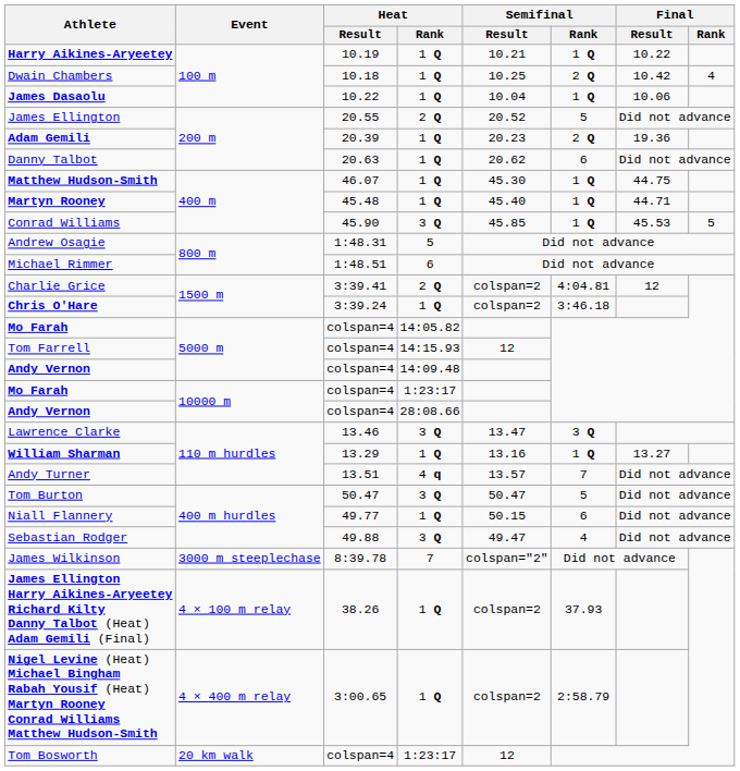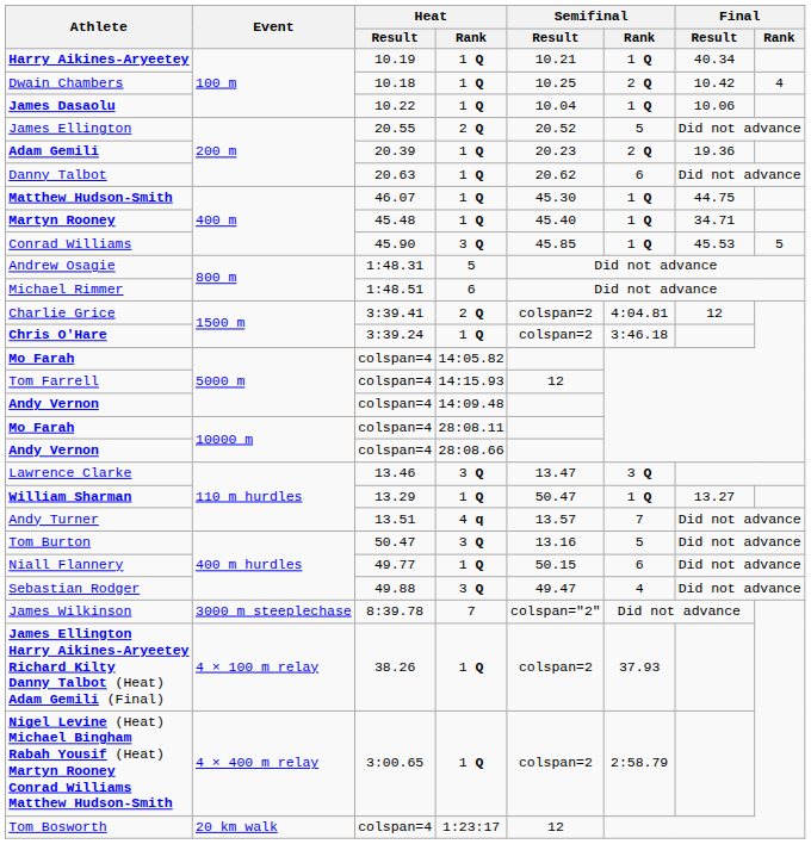 <table class="wikitable" style="font-size:90%">
 <tr>
 <th rowspan=2>Athlete</th>
 <th rowspan=2>Event</th>
 <th colspan=2>Heat</th>
 <th colspan=2>Semifinal</th>
 <th colspan=2>Final</th>
 </tr>
 <tr style="font-size:95%">
 <th>Result</th>
 <th>Rank</th>
 <th>Result</th>
 <th>Rank</th>
 <th>Result</th>
 <th>Rank</th>
 </tr>
 <tr align=center>
 <td align=left><strong><a href='#'>Harry Aikines-Aryeetey</a></strong></td>
 <td style="text-align:left;" rowspan="3"><a href='#'>100 m</a></td>
 <td>10.19</td>
 <td>1 <strong>Q</strong></td>
 <td>10.21</td>
 <td>1 <strong>Q</strong></td>
-<td>10.22</td>
+<td>40.34</td>
 <td></td>
 </tr>
 <tr align=center>
 <td align=left><a href='#'>Dwain Chambers</a></td>
 <td>10.18</td>
 <td>1 <strong>Q</strong></td>
 <td>10.25</td>
 <td>2 <strong>Q</strong></td>
 <td>10.42</td>
 <td>4</td>
 </tr>
 <tr align=center>
 <td align=left><strong><a href='#'>James Dasaolu</a></strong></td>
 <td>10.22</td>
 <td>1 <strong>Q</strong></td>
 <td>10.04</td>
 <td>1 <strong>Q</strong></td>
 <td>10.06</td>
 <td></td>
 </tr>
 <tr align=center>
 <td align=left><a href='#'>James Ellington</a></td>
 <td style="text-align:left;" rowspan="3"><a href='#'>200 m</a></td>
 <td>20.55</td>
 <td>2 <strong>Q</strong></td>
 <td>20.52</td>
 <td>5</td>
 <td colspan=2>Did not advance</td>
 </tr>
 <tr align=center>
 <td align=left><strong><a href='#'>Adam Gemili</a></strong></td>
 <td>20.39</td>
 <td>1 <strong>Q</strong></td>
 <td>20.23</td>
 <td>2 <strong>Q</strong></td>
 <td>19.36</td>
 <td></td>
 </tr>
 <tr align=center>
 <td align=left><a href='#'>Danny Talbot</a></td>
 <td>20.63</td>
 <td>1 <strong>Q</strong></td>
 <td>20.62</td>
 <td>6</td>
 <td colspan=2>Did not advance</td>
 </tr>
 <tr align=center>
 <td align=left><strong><a href='#'>Matthew Hudson-Smith</a></strong></td>
 <td style="text-align:left;" rowspan="3"><a href='#'>400 m</a></td>
 <td>46.07</td>
 <td>1 <strong>Q</strong></td>
 <td>45.30</td>
 <td>1 <strong>Q</strong></td>
 <td>44.75</td>
 <td></td>
 </tr>
 <tr align=center>
 <td align=left><strong><a href='#'>Martyn Rooney</a></strong></td>
 <td>45.48</td>
 <td>1 <strong>Q</strong></td>
 <td>45.40</td>
 <td>1 <strong>Q</strong></td>
-<td>44.71</td>
+<td>34.71</td>
 <td></td>
 </tr>
 <tr align=center>
 <td align=left><a href='#'>Conrad Williams</a></td>
 <td>45.90</td>
 <td>3 <strong>Q</strong></td>
 <td>45.85</td>
 <td>1 <strong>Q</strong></td>
 <td>45.53</td>
 <td>5</td>
 </tr>
 <tr align=center>
 <td align=left><a href='#'>Andrew Osagie</a></td>
 <td style="text-align:left;" rowspan="2"><a href='#'>800 m</a></td>
 <td>1:48.31</td>
 <td>5</td>
 <td colspan=4>Did not advance</td>
 </tr>
 <tr align=center>
 <td align=left><a href='#'>Michael Rimmer</a></td>
 <td>1:48.51</td>
 <td>6</td>
 <td colspan=4>Did not advance</td>
 </tr>
 <tr align=center>
 <td align=left><a href='#'>Charlie Grice</a></td>
 <td style="text-align:left;" rowspan="2"><a href='#'>1500 m</a></td>
 <td>3:39.41</td>
 <td>2 <strong>Q</strong></td>
 <td>colspan=2 </td>
 <td>4:04.81</td>
 <td>12</td>
 </tr>
 <tr align=center>
 <td align=left><strong><a href='#'>Chris O'Hare</a></strong></td>
 <td>3:39.24</td>
 <td>1 <strong>Q</strong></td>
 <td>colspan=2 </td>
 <td>3:46.18</td>
 <td></td>
 </tr>
 <tr align=center>
 <td align=left><strong><a href='#'>Mo Farah</a></strong></td>
 <td style="text-align:left;" rowspan="3"><a href='#'>5000 m</a></td>
 <td>colspan=4 </td>
 <td>14:05.82</td>
 <td></td>
 </tr>
 <tr align=center>
 <td align=left><a href='#'>Tom Farrell</a></td>
 <td>colspan=4 </td>
 <td>14:15.93</td>
 <td>12</td>
 </tr>
 <tr align=center>
 <td align=left><strong><a href='#'>Andy Vernon</a></strong></td>
 <td>colspan=4 </td>
 <td>14:09.48</td>
 <td></td>
 </tr>
 <tr align=center>
 <td align=left><strong><a href='#'>Mo Farah</a></strong></td>
 <td align=left rowspan=2><a href='#'>10000 m</a></td>
 <td>colspan=4 </td>
-<td>1:23:17</td>
+<td>28:08.11</td>
 <td></td>
 </tr>
 <tr align=center>
 <td align=left><strong><a href='#'>Andy Vernon</a></strong></td>
 <td>colspan=4 </td>
 <td>28:08.66</td>
 <td></td>
 </tr>
 <tr align=center>
 <td align=left><a href='#'>Lawrence Clarke</a></td>
 <td style="text-align:left;" rowspan="3"><a href='#'>110 m hurdles</a></td>
 <td>13.46</td>
 <td>3 <strong>Q</strong></td>
 <td>13.47</td>
 <td>3 <strong>Q</strong></td>
 <td colspan=2></td>
 </tr>
 <tr align=center>
 <td align=left><strong><a href='#'>William Sharman</a></strong></td>
 <td>13.29</td>
 <td>1 <strong>Q</strong></td>
-<td>13.16</td>
+<td>50.47</td>
 <td>1 <strong>Q</strong></td>
 <td>13.27</td>
 <td></td>
 </tr>
 <tr align=center>
 <td align=left><a href='#'>Andy Turner</a></td>
 <td>13.51</td>
 <td>4 <strong>q</strong></td>
 <td>13.57</td>
 <td>7</td>
 <td colspan=2>Did not advance</td>
 </tr>
 <tr align=center>
 <td align=left><a href='#'>Tom Burton</a></td>
 <td style="text-align:left;" rowspan="3"><a href='#'>400 m hurdles</a></td>
 <td>50.47</td>
 <td>3 <strong>Q</strong></td>
-<td>50.47</td>
+<td>13.16</td>
 <td>5</td>
 <td colspan="2">Did not advance</td>
 </tr>
 <tr align=center>
 <td align=left><a href='#'>Niall Flannery</a></td>
 <td>49.77</td>
 <td>1 <strong>Q</strong></td>
 <td>50.15</td>
 <td>6</td>
 <td colspan="2">Did not advance</td>
 </tr>
 <tr align=center>
 <td align=left><a href='#'>Sebastian Rodger</a></td>
 <td>49.88</td>
 <td>3 <strong>Q</strong></td>
 <td>49.47</td>
 <td>4</td>
 <td colspan="2">Did not advance</td>
 </tr>
 <tr align=center>
 <td align=left><a href='#'>James Wilkinson</a></td>
 <td style="text-align:left;"><a href='#'>3000 m steeplechase</a></td>
 <td>8:39.78</td>
 <td>7</td>
 <td>colspan="2" </td>
 <td colspan=2>Did not advance</td>
 </tr>
 <tr align=center>
 <td align=left><strong><a href='#'>James Ellington</a><br><a href='#'>Harry Aikines-Aryeetey</a><br><a href='#'>Richard Kilty</a><br><a href='#'>Danny Talbot</a></strong> (Heat)<br><strong><a href='#'>Adam Gemili</a></strong> (Final)</td>
 <td align=left><a href='#'>4 × 100 m relay</a></td>
 <td>38.26</td>
 <td>1 <strong>Q</strong></td>
 <td>colspan=2 </td>
 <td>37.93</td>
 <td></td>
 </tr>
 <tr align=center>
 <td align=left><strong><a href='#'>Nigel Levine</a></strong> (Heat)<br><strong><a href='#'>Michael Bingham</a><br><a href='#'>Rabah Yousif</a></strong> (Heat)<br><strong><a href='#'>Martyn Rooney</a><br><a href='#'>Conrad Williams</a><br><a href='#'>Matthew Hudson-Smith</a></strong></td>
 <td align=left><a href='#'>4 × 400 m relay</a></td>
 <td>3:00.65</td>
 <td>1 <strong>Q</strong></td>
 <td>colspan=2 </td>
 <td>2:58.79</td>
 <td></td>
 </tr>
 <tr align=center>
 <td align=left><a href='#'>Tom Bosworth</a></td>
 <td style="text-align:left;"><a href='#'>20 km walk</a></td>
 <td>colspan=4 </td>
 <td>1:23:17</td>
 <td>12</td>
 </tr>
 </table>
